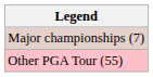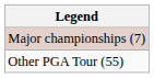 <table class="wikitable" style="font-size:95%;">
 <tr>
 <th>Legend</th>
 </tr>
 <tr style="background:#e5d1cb;">
 <td>Major championships  (7)</td>
 </tr>
 <tr>
-<td style="background: pink;">Other PGA Tour (55)</td>
+<td>Other PGA Tour (55)</td>
 </tr>
 </table>
